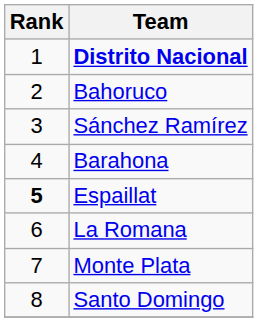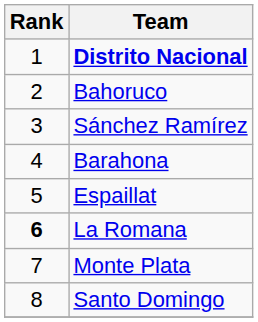 <table class="wikitable">
 <tr>
 <th>Rank</th>
 <th>Team</th>
 </tr>
 <tr>
 <td align=center>1</td>
 <td><strong><a href='#'>Distrito Nacional</a></strong></td>
 </tr>
 <tr>
 <td align=center>2</td>
 <td><a href='#'>Bahoruco</a></td>
 </tr>
 <tr>
 <td align=center>3</td>
 <td><a href='#'>Sánchez Ramírez</a></td>
 </tr>
 <tr>
 <td align=center>4</td>
 <td><a href='#'>Barahona</a></td>
 </tr>
 <tr>
-<td align=center><strong>5</strong></td>
+<td align=center>5</td>
 <td><a href='#'>Espaillat</a></td>
 </tr>
 <tr>
-<td align=center>6</td>
+<td align=center><strong>6</strong></td>
 <td><a href='#'>La Romana</a></td>
 </tr>
 <tr>
 <td align=center>7</td>
 <td><a href='#'>Monte Plata</a></td>
 </tr>
 <tr>
 <td align=center>8</td>
 <td><a href='#'>Santo Domingo</a></td>
 </tr>
 <tr>
 </tr>
 </table>
